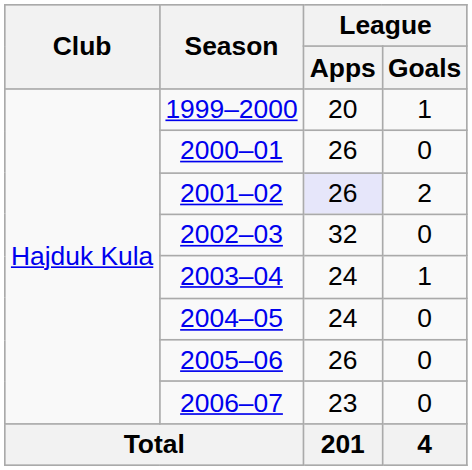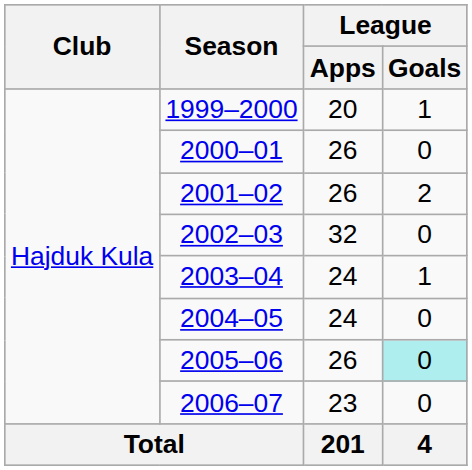 <table class="wikitable" style="text-align:center">
 <tr>
 <th rowspan="2">Club</th>
 <th rowspan="2">Season</th>
 <th colspan="2">League</th>
 </tr>
 <tr>
 <th>Apps</th>
 <th>Goals</th>
 </tr>
 <tr>
 <td rowspan="8"><a href='#'>Hajduk Kula</a></td>
 <td><a href='#'>1999–2000</a></td>
 <td>20</td>
 <td>1</td>
 </tr>
 <tr>
 <td><a href='#'>2000–01</a></td>
 <td>26</td>
 <td>0</td>
 </tr>
 <tr>
 <td><a href='#'>2001–02</a></td>
-<td style="background: lavender;">26</td>
+<td>26</td>
 <td>2</td>
 </tr>
 <tr>
 <td><a href='#'>2002–03</a></td>
 <td>32</td>
 <td>0</td>
 </tr>
 <tr>
 <td><a href='#'>2003–04</a></td>
 <td>24</td>
 <td>1</td>
 </tr>
 <tr>
 <td><a href='#'>2004–05</a></td>
 <td>24</td>
 <td>0</td>
 </tr>
 <tr>
 <td><a href='#'>2005–06</a></td>
 <td>26</td>
-<td>0</td>
+<td style="background: paleturquoise;">0</td>
 </tr>
 <tr>
 <td><a href='#'>2006–07</a></td>
 <td>23</td>
 <td>0</td>
 </tr>
 <tr>
 <th colspan=2>Total</th>
 <th>201</th>
 <th>4</th>
 </tr>
 </table>
